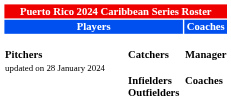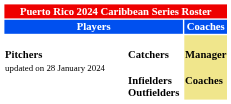 <table class="toccolours" style="font-size: 95%;">
 <tr>
 <th colspan="10" style="background-color: #EE0000;color:white;text-align:center;">Puerto Rico 2024 Caribbean Series Roster</th>
 </tr>
 <tr>
 <th colspan="4" style="background-color: #0050EF; color: #FFFFFF">Players</th>
 <th colspan="1" style="background-color: #0050EF; color: #FFFFFF">Coaches</th>
 </tr>
 <tr>
 <td style="vertical-align:top;text-align:left;"><br><strong>Pitchers</strong>               <br><small> <span></span> updated on 28 January 2024</small></td>
 <td width="25"></td>
 <td style="vertical-align:top;text-align:left;"><br><strong>Catchers</strong><br> <br><strong>Infielders</strong>     <br><strong>Outfielders</strong>      </td>
 <td style="vertical-align:top;text-align:left;"></td>
-<td style="vertical-align:top;text-align:left;"><br><strong>Manager</strong><br><br><strong>Coaches</strong></td>
+<td style="background: khaki; vertical-align:top;text-align:left;"><br><strong>Manager</strong><br><br><strong>Coaches</strong></td>
 </tr>
 </table>
